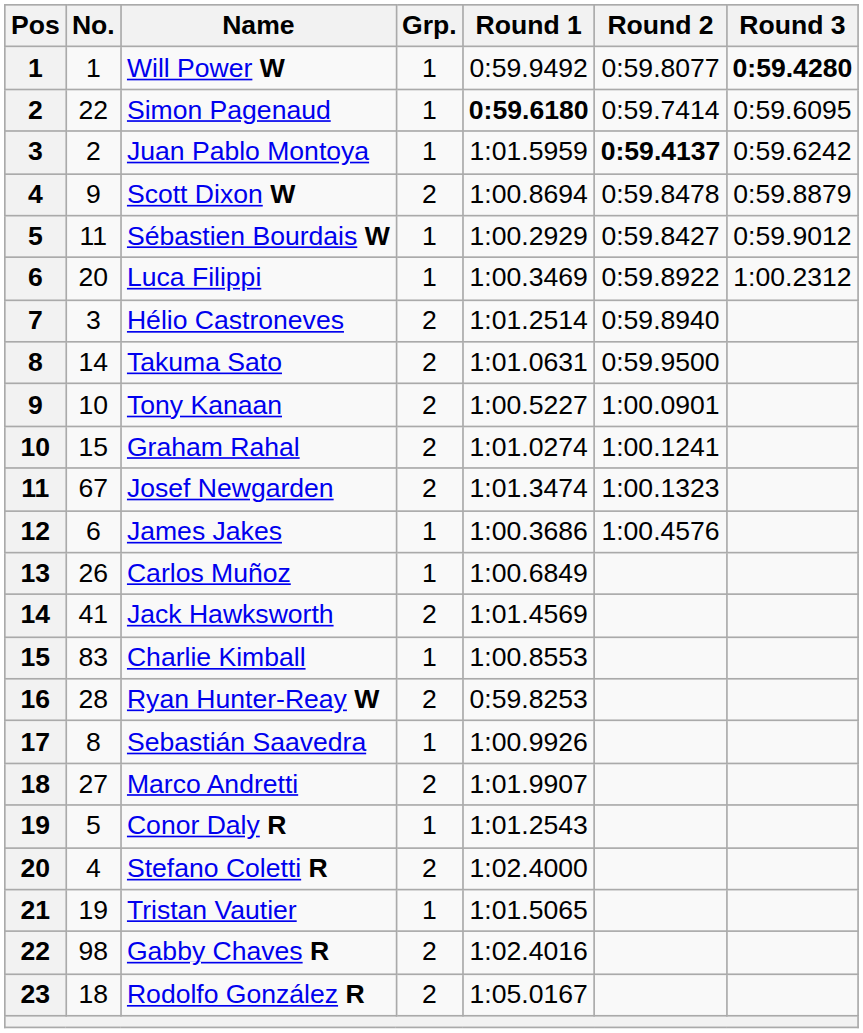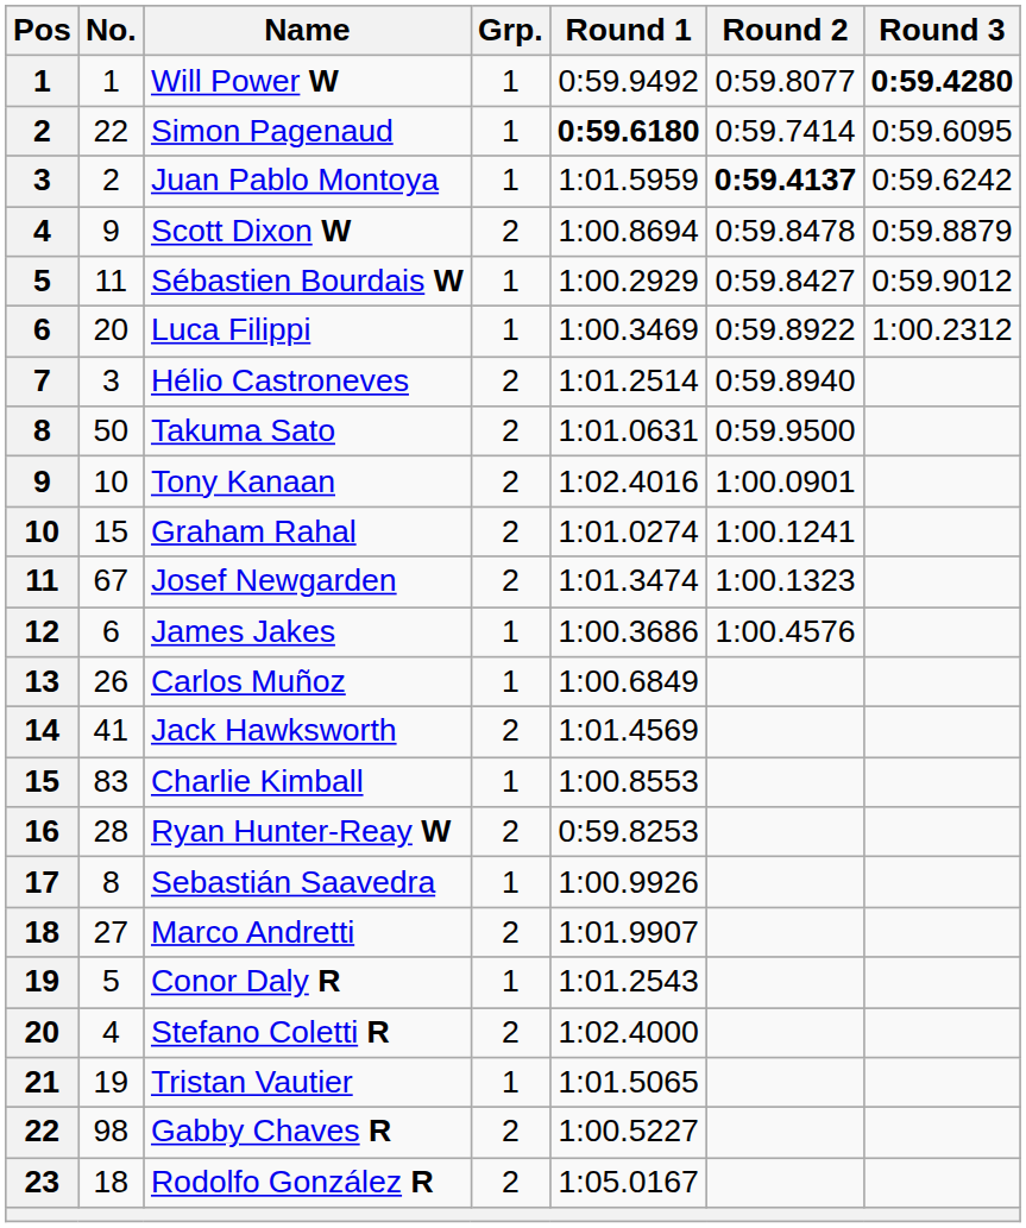 <table class="wikitable sortable" " style="fontsize:95%">
 <tr>
 <th>Pos</th>
 <th>No.</th>
 <th>Name</th>
 <th>Grp.</th>
 <th>Round 1</th>
 <th>Round 2</th>
 <th>Round 3</th>
 </tr>
 <tr>
 <th scope="row">1</th>
 <td align=center>1</td>
 <td> <a href='#'>Will Power</a> <strong><span>W</span></strong></td>
 <td style="text-align: center;">1</td>
 <td align="center">0:59.9492</td>
 <td align="center">0:59.8077</td>
 <td align="center"><strong>0:59.4280</strong></td>
 </tr>
 <tr>
 <th scope="row">2</th>
 <td align=center>22</td>
 <td> <a href='#'>Simon Pagenaud</a></td>
 <td style="text-align: center;">1</td>
 <td align="center"><strong>0:59.6180</strong></td>
 <td align="center">0:59.7414</td>
 <td align="center">0:59.6095</td>
 </tr>
 <tr>
 <th scope="row">3</th>
 <td align=center>2</td>
 <td> <a href='#'>Juan Pablo Montoya</a></td>
 <td style="text-align: center;">1</td>
 <td align="center">1:01.5959</td>
 <td align="center"><strong>0:59.4137</strong></td>
 <td align="center">0:59.6242</td>
 </tr>
 <tr>
 <th scope="row">4</th>
 <td align=center>9</td>
 <td> <a href='#'>Scott Dixon</a> <strong><span>W</span></strong></td>
 <td style="text-align: center;">2</td>
 <td align="center">1:00.8694</td>
 <td align="center">0:59.8478</td>
 <td align="center">0:59.8879</td>
 </tr>
 <tr>
 <th scope="row">5</th>
 <td align=center>11</td>
 <td> <a href='#'>Sébastien Bourdais</a> <strong><span>W</span></strong></td>
 <td style="text-align: center;">1</td>
 <td align="center">1:00.2929</td>
 <td align="center">0:59.8427</td>
 <td align="center">0:59.9012</td>
 </tr>
 <tr>
 <th scope="row">6</th>
 <td align=center>20</td>
 <td> <a href='#'>Luca Filippi</a></td>
 <td style="text-align: center;">1</td>
 <td align="center">1:00.3469</td>
 <td align="center">0:59.8922</td>
 <td align="center">1:00.2312</td>
 </tr>
 <tr>
 <th scope="row">7</th>
 <td align=center>3</td>
 <td> <a href='#'>Hélio Castroneves</a></td>
 <td style="text-align: center;">2</td>
 <td align="center">1:01.2514</td>
 <td align="center">0:59.8940</td>
 <td></td>
 </tr>
 <tr>
 <th scope="row">8</th>
-<td align=center>14</td>
+<td align=center>50</td>
 <td> <a href='#'>Takuma Sato</a></td>
 <td style="text-align: center;">2</td>
 <td align="center">1:01.0631</td>
 <td align="center">0:59.9500</td>
 <td></td>
 </tr>
 <tr>
 <th scope="row">9</th>
 <td align=center>10</td>
 <td> <a href='#'>Tony Kanaan</a></td>
 <td style="text-align: center;">2</td>
-<td align="center">1:00.5227</td>
+<td align="center">1:02.4016</td>
 <td align="center">1:00.0901</td>
 <td></td>
 </tr>
 <tr>
 <th scope="row">10</th>
 <td align=center>15</td>
 <td> <a href='#'>Graham Rahal</a></td>
 <td style="text-align: center;">2</td>
 <td align="center">1:01.0274</td>
 <td align="center">1:00.1241</td>
 <td></td>
 </tr>
 <tr>
 <th scope="row">11</th>
 <td align=center>67</td>
 <td> <a href='#'>Josef Newgarden</a></td>
 <td style="text-align: center;">2</td>
 <td align="center">1:01.3474</td>
 <td align="center">1:00.1323</td>
 <td></td>
 </tr>
 <tr>
 <th scope="row">12</th>
 <td align=center>6</td>
 <td> <a href='#'>James Jakes</a></td>
 <td style="text-align: center;">1</td>
 <td align="center">1:00.3686</td>
 <td align="center">1:00.4576</td>
 <td></td>
 </tr>
 <tr>
 <th scope="row">13</th>
 <td align=center>26</td>
 <td> <a href='#'>Carlos Muñoz</a></td>
 <td style="text-align: center;">1</td>
 <td align="center">1:00.6849</td>
 <td></td>
 <td></td>
 </tr>
 <tr>
 <th scope="row">14</th>
 <td align=center>41</td>
 <td> <a href='#'>Jack Hawksworth</a></td>
 <td style="text-align: center;">2</td>
 <td align="center">1:01.4569</td>
 <td></td>
 <td></td>
 </tr>
 <tr>
 <th scope="row">15</th>
 <td align=center>83</td>
 <td> <a href='#'>Charlie Kimball</a></td>
 <td style="text-align: center;">1</td>
 <td align="center">1:00.8553</td>
 <td></td>
 <td></td>
 </tr>
 <tr>
 <th scope="row">16</th>
 <td align=center>28</td>
 <td> <a href='#'>Ryan Hunter-Reay</a> <strong><span>W</span></strong></td>
 <td style="text-align: center;">2</td>
 <td align="center">0:59.8253</td>
 <td></td>
 <td></td>
 </tr>
 <tr>
 <th scope="row">17</th>
 <td align=center>8</td>
 <td> <a href='#'>Sebastián Saavedra</a></td>
 <td style="text-align: center;">1</td>
 <td align="center">1:00.9926</td>
 <td></td>
 <td></td>
 </tr>
 <tr>
 <th scope="row">18</th>
 <td align=center>27</td>
 <td> <a href='#'>Marco Andretti</a></td>
 <td style="text-align: center;">2</td>
 <td align="center">1:01.9907</td>
 <td></td>
 <td></td>
 </tr>
 <tr>
 <th scope="row">19</th>
 <td align=center>5</td>
 <td> <a href='#'>Conor Daly</a> <strong><span>R</span></strong></td>
 <td style="text-align: center;">1</td>
 <td align="center">1:01.2543</td>
 <td></td>
 <td></td>
 </tr>
 <tr>
 <th scope="row">20</th>
 <td align=center>4</td>
 <td> <a href='#'>Stefano Coletti</a> <strong><span>R</span></strong></td>
 <td style="text-align: center;">2</td>
 <td align="center">1:02.4000</td>
 <td></td>
 <td></td>
 </tr>
 <tr>
 <th scope="row">21</th>
 <td align=center>19</td>
 <td> <a href='#'>Tristan Vautier</a></td>
 <td style="text-align: center;">1</td>
 <td align="center">1:01.5065</td>
 <td></td>
 <td></td>
 </tr>
 <tr>
 <th scope="row">22</th>
 <td align=center>98</td>
 <td> <a href='#'>Gabby Chaves</a> <strong><span>R</span></strong></td>
 <td style="text-align: center;">2</td>
-<td align="center">1:02.4016</td>
+<td align="center">1:00.5227</td>
 <td></td>
 <td></td>
 </tr>
 <tr>
 <th scope="row">23</th>
 <td align=center>18</td>
 <td> <a href='#'>Rodolfo González</a> <strong><span>R</span></strong></td>
 <td style="text-align: center;">2</td>
 <td align="center">1:05.0167</td>
 <td></td>
 <td></td>
 </tr>
 <tr>
 <th colspan=11 align=center></th>
 </tr>
 </table>
